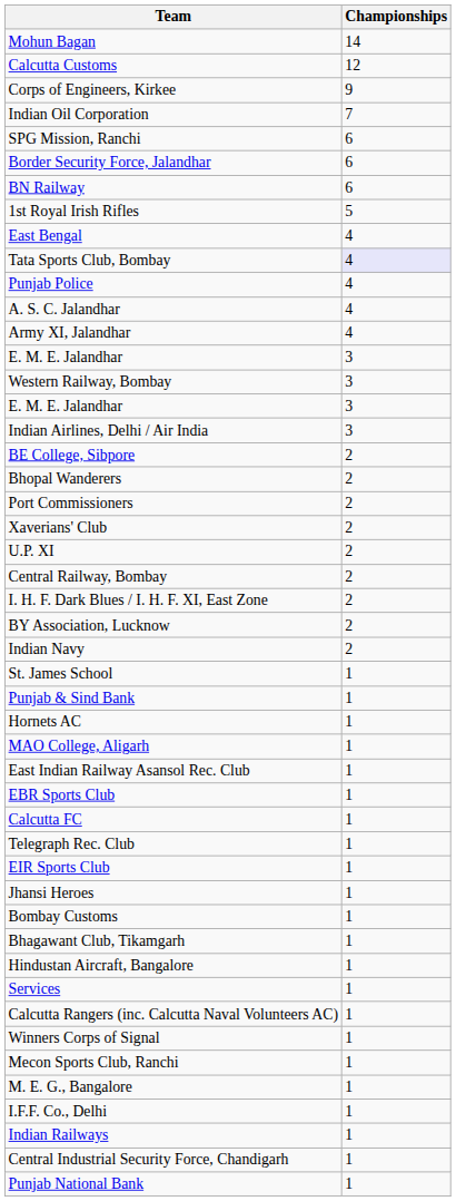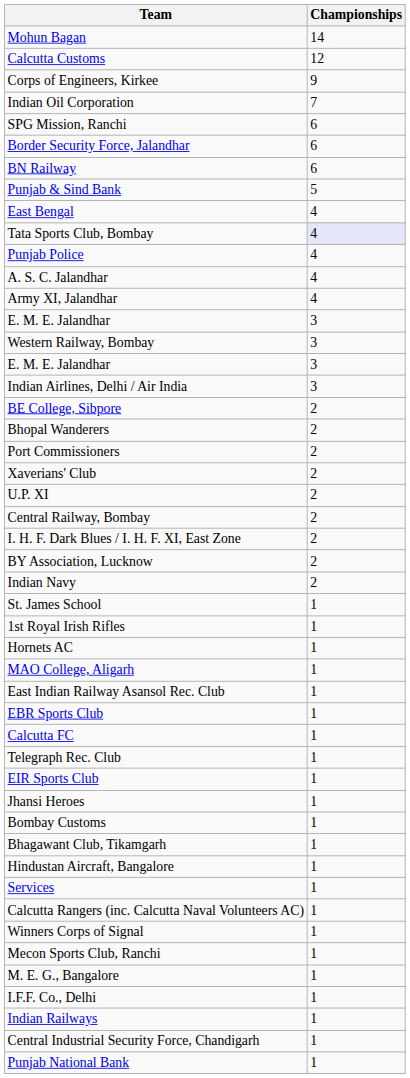 <table class="wikitable sortable" style="text-align: left;">
 <tr>
 <th>Team</th>
 <th>Championships</th>
 </tr>
 <tr>
 <td><a href='#'>Mohun Bagan</a></td>
 <td>14</td>
 </tr>
 <tr>
 <td><a href='#'>Calcutta Customs</a></td>
 <td>12</td>
 </tr>
 <tr>
 <td>Corps of Engineers, Kirkee</td>
 <td>9</td>
 </tr>
 <tr>
 <td>Indian Oil Corporation</td>
 <td>7</td>
 </tr>
 <tr>
 <td>SPG Mission, Ranchi</td>
 <td>6</td>
 </tr>
 <tr>
 <td><a href='#'>Border Security Force, Jalandhar</a></td>
 <td>6</td>
 </tr>
 <tr>
 <td><a href='#'>BN Railway</a></td>
 <td>6</td>
 </tr>
 <tr>
-<td>1st Royal Irish Rifles</td>
+<td><a href='#'>Punjab & Sind Bank</a></td>
 <td>5</td>
 </tr>
 <tr>
 <td><a href='#'>East Bengal</a></td>
 <td>4</td>
 </tr>
 <tr>
 <td>Tata Sports Club, Bombay</td>
 <td style="background: lavender;">4</td>
 </tr>
 <tr>
 <td><a href='#'>Punjab Police</a></td>
 <td>4</td>
 </tr>
 <tr>
 <td>A. S. C. Jalandhar</td>
 <td>4</td>
 </tr>
 <tr>
 <td>Army XI, Jalandhar</td>
 <td>4</td>
 </tr>
 <tr>
 <td>E. M. E. Jalandhar</td>
 <td>3</td>
 </tr>
 <tr>
 <td>Western Railway, Bombay</td>
 <td>3</td>
 </tr>
 <tr>
 <td>E. M. E. Jalandhar</td>
 <td>3</td>
 </tr>
 <tr>
 <td>Indian Airlines, Delhi / Air India</td>
 <td>3</td>
 </tr>
 <tr>
 <td><a href='#'>BE College, Sibpore</a></td>
 <td>2</td>
 </tr>
 <tr>
 <td>Bhopal Wanderers</td>
 <td>2</td>
 </tr>
 <tr>
 <td>Port Commissioners</td>
 <td>2</td>
 </tr>
 <tr>
 <td>Xaverians' Club</td>
 <td>2</td>
 </tr>
 <tr>
 <td>U.P. XI</td>
 <td>2</td>
 </tr>
 <tr>
 <td>Central Railway, Bombay</td>
 <td>2</td>
 </tr>
 <tr>
 <td>I. H. F. Dark Blues / I. H. F. XI, East Zone</td>
 <td>2</td>
 </tr>
 <tr>
 <td>BY Association, Lucknow</td>
 <td>2</td>
 </tr>
 <tr>
 <td>Indian Navy</td>
 <td>2</td>
 </tr>
 <tr>
 <td>St. James School</td>
 <td>1</td>
 </tr>
 <tr>
-<td><a href='#'>Punjab & Sind Bank</a></td>
+<td>1st Royal Irish Rifles</td>
 <td>1</td>
 </tr>
 <tr>
 <td>Hornets AC</td>
 <td>1</td>
 </tr>
 <tr>
 <td><a href='#'>MAO College, Aligarh</a></td>
 <td>1</td>
 </tr>
 <tr>
 <td>East Indian Railway Asansol Rec. Club</td>
 <td>1</td>
 </tr>
 <tr>
 <td><a href='#'>EBR Sports Club</a></td>
 <td>1</td>
 </tr>
 <tr>
 <td><a href='#'>Calcutta FC</a></td>
 <td>1</td>
 </tr>
 <tr>
 <td>Telegraph Rec. Club</td>
 <td>1</td>
 </tr>
 <tr>
 <td><a href='#'>EIR Sports Club</a></td>
 <td>1</td>
 </tr>
 <tr>
 <td>Jhansi Heroes</td>
 <td>1</td>
 </tr>
 <tr>
 <td>Bombay Customs</td>
 <td>1</td>
 </tr>
 <tr>
 <td>Bhagawant Club, Tikamgarh</td>
 <td>1</td>
 </tr>
 <tr>
 <td>Hindustan Aircraft, Bangalore</td>
 <td>1</td>
 </tr>
 <tr>
 <td><a href='#'>Services</a></td>
 <td>1</td>
 </tr>
 <tr>
 <td>Calcutta Rangers (inc. Calcutta Naval Volunteers AC)</td>
 <td>1</td>
 </tr>
 <tr>
 <td>Winners Corps of Signal</td>
 <td>1</td>
 </tr>
 <tr>
 <td>Mecon Sports Club, Ranchi</td>
 <td>1</td>
 </tr>
 <tr>
 <td>M. E. G., Bangalore</td>
 <td>1</td>
 </tr>
 <tr>
 <td>I.F.F. Co., Delhi</td>
 <td>1</td>
 </tr>
 <tr>
 <td><a href='#'>Indian Railways</a></td>
 <td>1</td>
 </tr>
 <tr>
 <td>Central Industrial Security Force, Chandigarh</td>
 <td>1</td>
 </tr>
 <tr>
 <td><a href='#'>Punjab National Bank</a></td>
 <td>1</td>
 </tr>
 </table>
